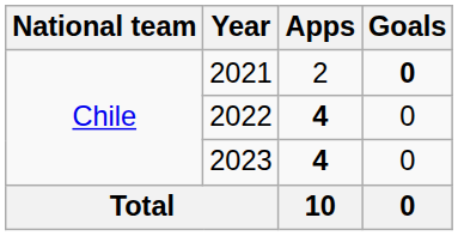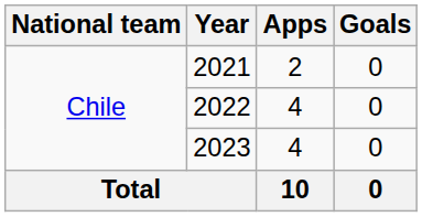 <table class="wikitable" style="text-align:center">
 <tr>
 <th>National team</th>
 <th>Year</th>
 <th>Apps</th>
 <th>Goals</th>
 </tr>
 <tr>
 <td rowspan="3"><a href='#'>Chile</a></td>
 <td>2021</td>
 <td>2</td>
-<td><strong>0</strong></td>
+<td>0</td>
 </tr>
 <tr>
 <td>2022</td>
-<td><strong>4</strong></td>
+<td>4</td>
 <td>0</td>
 </tr>
 <tr>
 <td>2023</td>
-<td><strong>4</strong></td>
+<td>4</td>
 <td>0</td>
 </tr>
 <tr>
 <th colspan="2">Total</th>
 <th>10</th>
 <th>0</th>
 </tr>
 </table>
